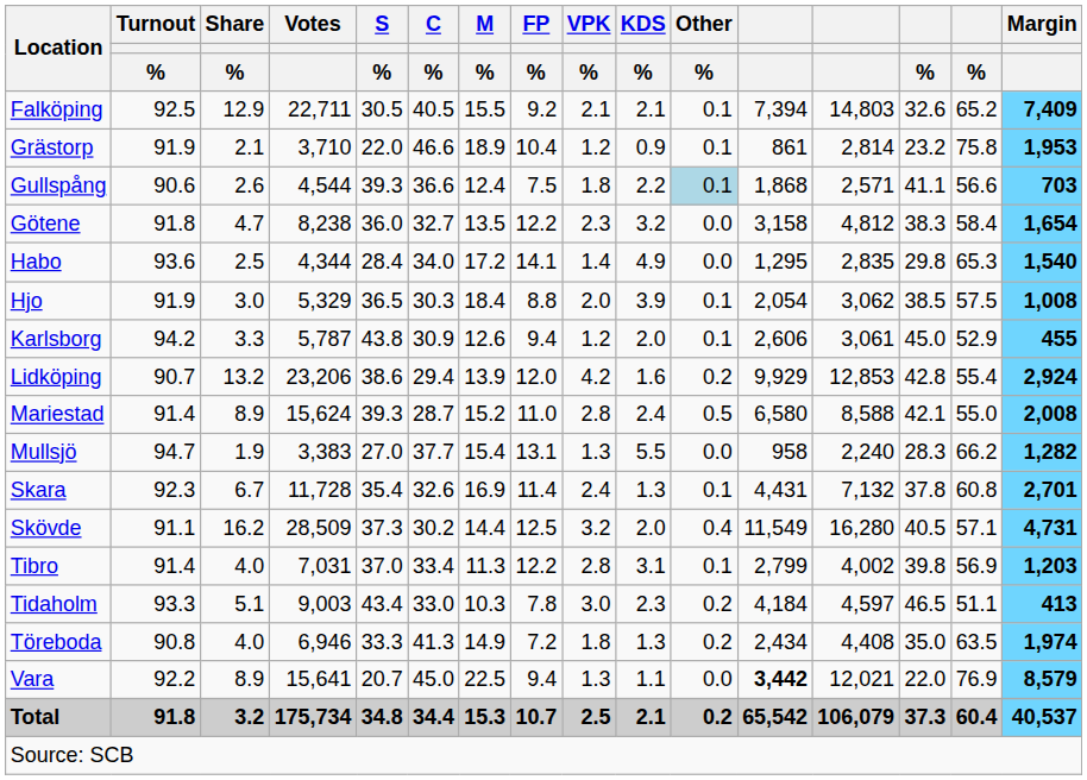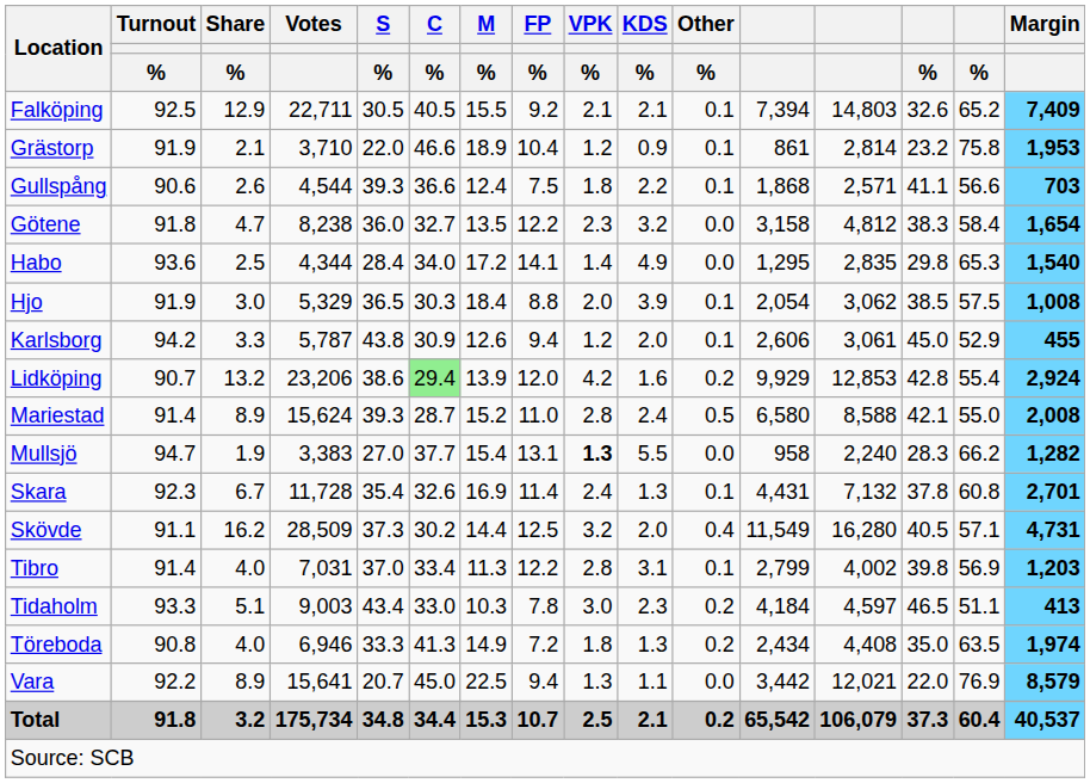 <table class="wikitable sortable" style="text-align:right; font-size:95%; line-height:20px;">
 <tr>
 <th rowspan="3">Location</th>
 <th>Turnout</th>
 <th>Share</th>
 <th>Votes</th>
 <th width="30px" class="unsortable"><a href='#'>S</a></th>
 <th width="30px" class="unsortable"><a href='#'>C</a></th>
 <th width="30px" class="unsortable"><a href='#'>M</a></th>
 <th width="30px" class="unsortable"><a href='#'>FP</a></th>
 <th width="30px" class="unsortable"><a href='#'>VPK</a></th>
 <th width="30px" class="unsortable"><a href='#'>KDS</a></th>
 <th width="30px" class="unsortable">Other</th>
 <th></th>
 <th></th>
 <th></th>
 <th></th>
 <th>Margin</th>
 </tr>
 <tr>
 <th></th>
 <th></th>
 <th></th>
 <th style="background:"></th>
 <th style="background:"></th>
 <th style="background:"></th>
 <th style="background:"></th>
 <th style="background:"></th>
 <th style="background:"></th>
 <th style="background:"></th>
 <th style="background:"></th>
 <th style="background:"></th>
 <th style="background:"></th>
 <th style="background:"></th>
 <th></th>
 </tr>
 <tr>
 <th data-sort-type="number">%</th>
 <th data-sort-type="number">%</th>
 <th></th>
 <th data-sort-type="number">%</th>
 <th data-sort-type="number">%</th>
 <th data-sort-type="number">%</th>
 <th data-sort-type="number">%</th>
 <th data-sort-type="number">%</th>
 <th data-sort-type="number">%</th>
 <th data-sort-type="number">%</th>
 <th data-sort-type="number"></th>
 <th data-sort-type="number"></th>
 <th data-sort-type="number">%</th>
 <th data-sort-type="number">%</th>
 <th data-sort-type="number"></th>
 </tr>
 <tr>
 <td align=left><a href='#'>Falköping</a></td>
 <td>92.5</td>
 <td>12.9</td>
 <td>22,711</td>
 <td>30.5</td>
 <td>40.5</td>
 <td>15.5</td>
 <td>9.2</td>
 <td>2.1</td>
 <td>2.1</td>
 <td>0.1</td>
 <td>7,394</td>
 <td>14,803</td>
 <td>32.6</td>
 <td>65.2</td>
 <td bgcolor=#6fd5fe><strong>7,409</strong></td>
 </tr>
 <tr>
 <td align=left><a href='#'>Grästorp</a></td>
 <td>91.9</td>
 <td>2.1</td>
 <td>3,710</td>
 <td>22.0</td>
 <td>46.6</td>
 <td>18.9</td>
 <td>10.4</td>
 <td>1.2</td>
 <td>0.9</td>
 <td>0.1</td>
 <td>861</td>
 <td>2,814</td>
 <td>23.2</td>
 <td>75.8</td>
 <td bgcolor=#6fd5fe><strong>1,953</strong></td>
 </tr>
 <tr>
 <td align=left><a href='#'>Gullspång</a></td>
 <td>90.6</td>
 <td>2.6</td>
 <td>4,544</td>
 <td>39.3</td>
 <td>36.6</td>
 <td>12.4</td>
 <td>7.5</td>
 <td>1.8</td>
 <td>2.2</td>
-<td style="background: lightblue;">0.1</td>
+<td>0.1</td>
 <td>1,868</td>
 <td>2,571</td>
 <td>41.1</td>
 <td>56.6</td>
 <td bgcolor=#6fd5fe><strong>703</strong></td>
 </tr>
 <tr>
 <td align=left><a href='#'>Götene</a></td>
 <td>91.8</td>
 <td>4.7</td>
 <td>8,238</td>
 <td>36.0</td>
 <td>32.7</td>
 <td>13.5</td>
 <td>12.2</td>
 <td>2.3</td>
 <td>3.2</td>
 <td>0.0</td>
 <td>3,158</td>
 <td>4,812</td>
 <td>38.3</td>
 <td>58.4</td>
 <td bgcolor=#6fd5fe><strong>1,654</strong></td>
 </tr>
 <tr>
 <td align=left><a href='#'>Habo</a></td>
 <td>93.6</td>
 <td>2.5</td>
 <td>4,344</td>
 <td>28.4</td>
 <td>34.0</td>
 <td>17.2</td>
 <td>14.1</td>
 <td>1.4</td>
 <td>4.9</td>
 <td>0.0</td>
 <td>1,295</td>
 <td>2,835</td>
 <td>29.8</td>
 <td>65.3</td>
 <td bgcolor=#6fd5fe><strong>1,540</strong></td>
 </tr>
 <tr>
 <td align=left><a href='#'>Hjo</a></td>
 <td>91.9</td>
 <td>3.0</td>
 <td>5,329</td>
 <td>36.5</td>
 <td>30.3</td>
 <td>18.4</td>
 <td>8.8</td>
 <td>2.0</td>
 <td>3.9</td>
 <td>0.1</td>
 <td>2,054</td>
 <td>3,062</td>
 <td>38.5</td>
 <td>57.5</td>
 <td bgcolor=#6fd5fe><strong>1,008</strong></td>
 </tr>
 <tr>
 <td align=left><a href='#'>Karlsborg</a></td>
 <td>94.2</td>
 <td>3.3</td>
 <td>5,787</td>
 <td>43.8</td>
 <td>30.9</td>
 <td>12.6</td>
 <td>9.4</td>
 <td>1.2</td>
 <td>2.0</td>
 <td>0.1</td>
 <td>2,606</td>
 <td>3,061</td>
 <td>45.0</td>
 <td>52.9</td>
 <td bgcolor=#6fd5fe><strong>455</strong></td>
 </tr>
 <tr>
 <td align=left><a href='#'>Lidköping</a></td>
 <td>90.7</td>
 <td>13.2</td>
 <td>23,206</td>
 <td>38.6</td>
-<td>29.4</td>
+<td style="background: lightgreen;">29.4</td>
 <td>13.9</td>
 <td>12.0</td>
 <td>4.2</td>
 <td>1.6</td>
 <td>0.2</td>
 <td>9,929</td>
 <td>12,853</td>
 <td>42.8</td>
 <td>55.4</td>
 <td bgcolor=#6fd5fe><strong>2,924</strong></td>
 </tr>
 <tr>
 <td align=left><a href='#'>Mariestad</a></td>
 <td>91.4</td>
 <td>8.9</td>
 <td>15,624</td>
 <td>39.3</td>
 <td>28.7</td>
 <td>15.2</td>
 <td>11.0</td>
 <td>2.8</td>
 <td>2.4</td>
 <td>0.5</td>
 <td>6,580</td>
 <td>8,588</td>
 <td>42.1</td>
 <td>55.0</td>
 <td bgcolor=#6fd5fe><strong>2,008</strong></td>
 </tr>
 <tr>
 <td align=left><a href='#'>Mullsjö</a></td>
 <td>94.7</td>
 <td>1.9</td>
 <td>3,383</td>
 <td>27.0</td>
 <td>37.7</td>
 <td>15.4</td>
 <td>13.1</td>
-<td>1.3</td>
+<td><strong>1.3</strong></td>
 <td>5.5</td>
 <td>0.0</td>
 <td>958</td>
 <td>2,240</td>
 <td>28.3</td>
 <td>66.2</td>
 <td bgcolor=#6fd5fe><strong>1,282</strong></td>
 </tr>
 <tr>
 <td align=left><a href='#'>Skara</a></td>
 <td>92.3</td>
 <td>6.7</td>
 <td>11,728</td>
 <td>35.4</td>
 <td>32.6</td>
 <td>16.9</td>
 <td>11.4</td>
 <td>2.4</td>
 <td>1.3</td>
 <td>0.1</td>
 <td>4,431</td>
 <td>7,132</td>
 <td>37.8</td>
 <td>60.8</td>
 <td bgcolor=#6fd5fe><strong>2,701</strong></td>
 </tr>
 <tr>
 <td align=left><a href='#'>Skövde</a></td>
 <td>91.1</td>
 <td>16.2</td>
 <td>28,509</td>
 <td>37.3</td>
 <td>30.2</td>
 <td>14.4</td>
 <td>12.5</td>
 <td>3.2</td>
 <td>2.0</td>
 <td>0.4</td>
 <td>11,549</td>
 <td>16,280</td>
 <td>40.5</td>
 <td>57.1</td>
 <td bgcolor=#6fd5fe><strong>4,731</strong></td>
 </tr>
 <tr>
 <td align=left><a href='#'>Tibro</a></td>
 <td>91.4</td>
 <td>4.0</td>
 <td>7,031</td>
 <td>37.0</td>
 <td>33.4</td>
 <td>11.3</td>
 <td>12.2</td>
 <td>2.8</td>
 <td>3.1</td>
 <td>0.1</td>
 <td>2,799</td>
 <td>4,002</td>
 <td>39.8</td>
 <td>56.9</td>
 <td bgcolor=#6fd5fe><strong>1,203</strong></td>
 </tr>
 <tr>
 <td align=left><a href='#'>Tidaholm</a></td>
 <td>93.3</td>
 <td>5.1</td>
 <td>9,003</td>
 <td>43.4</td>
 <td>33.0</td>
 <td>10.3</td>
 <td>7.8</td>
 <td>3.0</td>
 <td>2.3</td>
 <td>0.2</td>
 <td>4,184</td>
 <td>4,597</td>
 <td>46.5</td>
 <td>51.1</td>
 <td bgcolor=#6fd5fe><strong>413</strong></td>
 </tr>
 <tr>
 <td align=left><a href='#'>Töreboda</a></td>
 <td>90.8</td>
 <td>4.0</td>
 <td>6,946</td>
 <td>33.3</td>
 <td>41.3</td>
 <td>14.9</td>
 <td>7.2</td>
 <td>1.8</td>
 <td>1.3</td>
 <td>0.2</td>
 <td>2,434</td>
 <td>4,408</td>
 <td>35.0</td>
 <td>63.5</td>
 <td bgcolor=#6fd5fe><strong>1,974</strong></td>
 </tr>
 <tr>
 <td align=left><a href='#'>Vara</a></td>
 <td>92.2</td>
 <td>8.9</td>
 <td>15,641</td>
 <td>20.7</td>
 <td>45.0</td>
 <td>22.5</td>
 <td>9.4</td>
 <td>1.3</td>
 <td>1.1</td>
 <td>0.0</td>
-<td><strong>3,442</strong></td>
+<td>3,442</td>
 <td>12,021</td>
 <td>22.0</td>
 <td>76.9</td>
 <td bgcolor=#6fd5fe><strong>8,579</strong></td>
 </tr>
 <tr>
 </tr>
 <tr style="background:#CDCDCD;">
 <td align=left><strong>Total</strong></td>
 <td><strong>91.8</strong></td>
 <td><strong>3.2</strong></td>
 <td><strong>175,734</strong></td>
 <td><strong>34.8</strong></td>
 <td><strong>34.4</strong></td>
 <td><strong>15.3</strong></td>
 <td><strong>10.7</strong></td>
 <td><strong>2.5</strong></td>
 <td><strong>2.1</strong></td>
 <td><strong>0.2</strong></td>
 <td><strong>65,542</strong></td>
 <td><strong>106,079</strong></td>
 <td><strong>37.3</strong></td>
 <td><strong>60.4</strong></td>
 <td bgcolor=#6fd5fe><strong>40,537</strong></td>
 </tr>
 <tr>
 <td align=left colspan=16>Source: SCB </td>
 </tr>
 </table>
